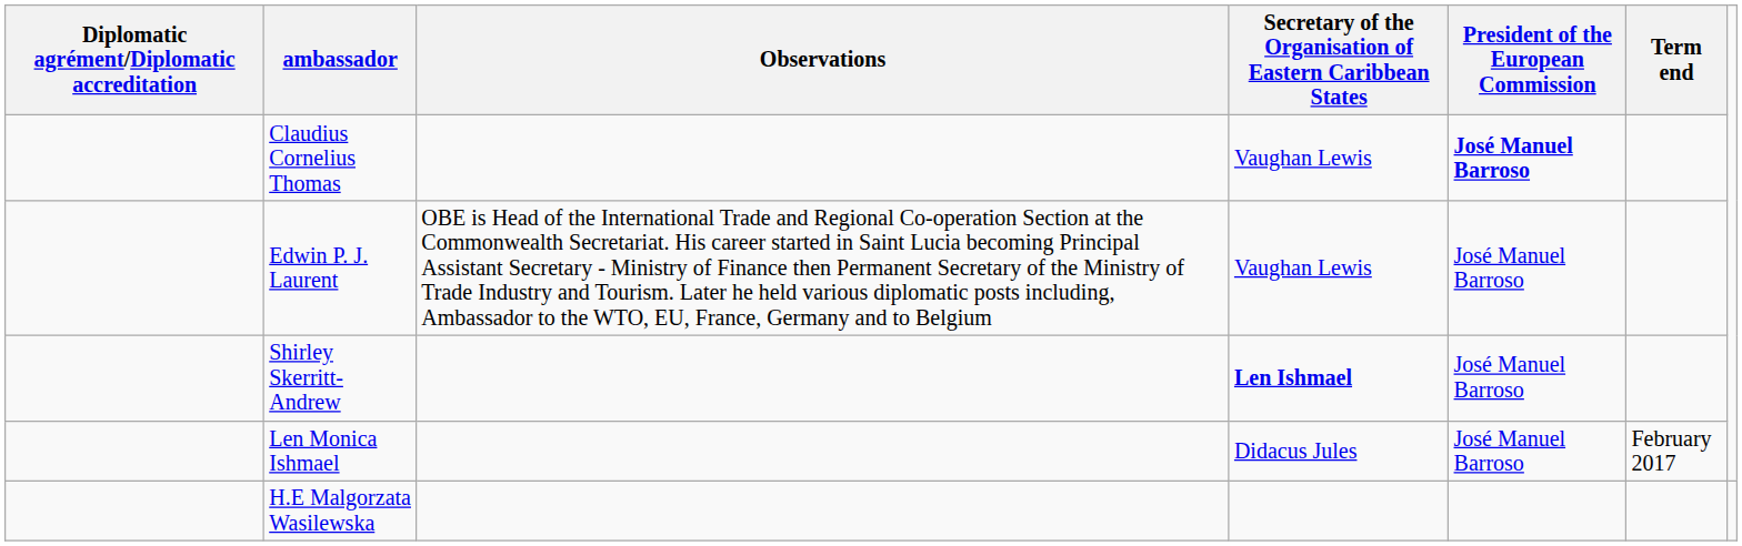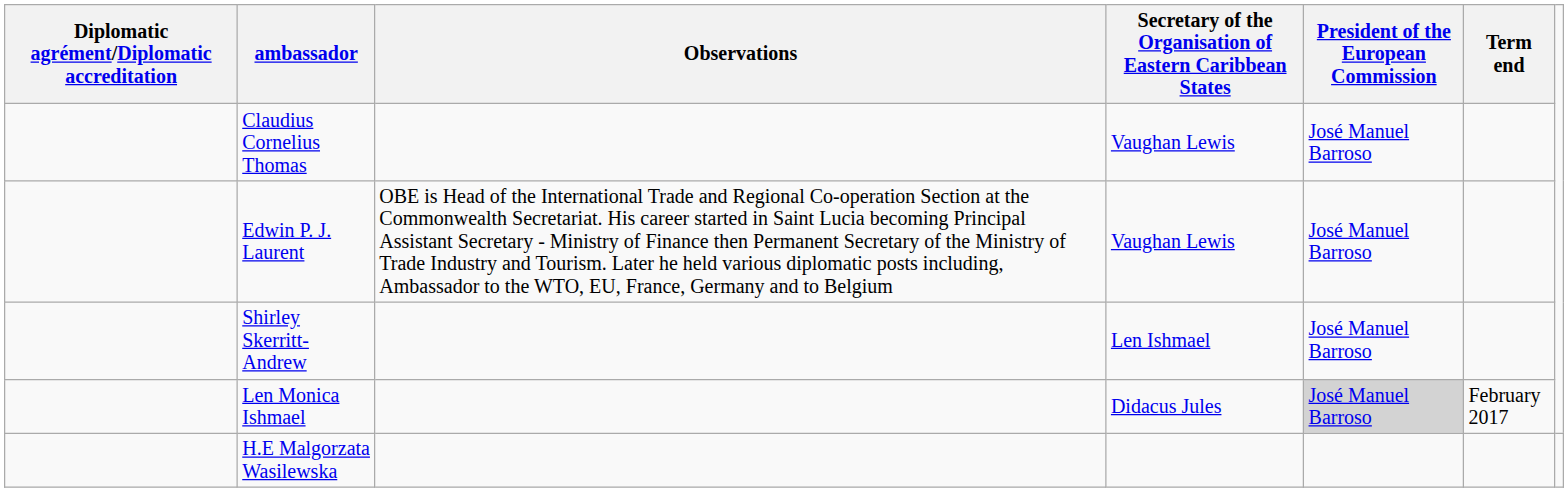 <table class="wikitable sortable">
 <tr>
 <th>Diplomatic <a href='#'>agrément</a>/<a href='#'>Diplomatic accreditation</a></th>
 <th><a href='#'>ambassador</a></th>
 <th>Observations</th>
 <th>Secretary of the <a href='#'>Organisation of Eastern Caribbean States</a></th>
 <th><a href='#'>President of the European Commission</a></th>
 <th>Term end</th>
 </tr>
 <tr>
 <td></td>
 <td><a href='#'>Claudius Cornelius Thomas</a></td>
 <td></td>
 <td><a href='#'>Vaughan Lewis</a></td>
-<td><strong><a href='#'>José Manuel Barroso</a></strong></td>
+<td><a href='#'>José Manuel Barroso</a></td>
 <td></td>
 </tr>
 <tr>
 <td></td>
 <td><a href='#'>Edwin P. J. Laurent</a></td>
 <td>OBE is Head of the International Trade and Regional Co-operation Section at the Commonwealth Secretariat. His career started in Saint Lucia becoming Principal Assistant Secretary - Ministry of Finance then Permanent Secretary of the Ministry of Trade Industry and Tourism. Later he held various diplomatic posts including, Ambassador to the WTO, EU, France, Germany and to Belgium</td>
 <td><a href='#'>Vaughan Lewis</a></td>
 <td><a href='#'>José Manuel Barroso</a></td>
 <td></td>
 </tr>
 <tr>
 <td></td>
 <td><a href='#'>Shirley Skerritt-Andrew</a></td>
 <td></td>
-<td><strong><a href='#'>Len Ishmael</a></strong></td>
+<td><a href='#'>Len Ishmael</a></td>
 <td><a href='#'>José Manuel Barroso</a></td>
 <td></td>
 </tr>
 <tr>
 <td></td>
 <td><a href='#'>Len Monica Ishmael</a></td>
 <td></td>
 <td><a href='#'>Didacus Jules</a></td>
-<td><a href='#'>José Manuel Barroso</a></td>
+<td style="background: lightgrey;"><a href='#'>José Manuel Barroso</a></td>
 <td>February 2017</td>
 </tr>
 <tr>
 <td></td>
 <td><a href='#'>H.E Malgorzata Wasilewska</a></td>
 <td></td>
 <td></td>
 <td></td>
 <td></td>
 <td></td>
 </tr>
 </table>
